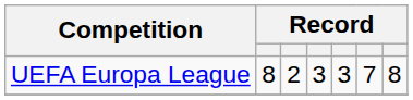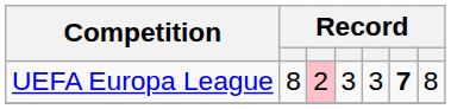 <table class="wikitable" style="text-align: center">
 <tr>
 <th rowspan="2">Competition</th>
 <th colspan="8">Record</th>
 </tr>
 <tr>
 <th></th>
 <th></th>
 <th></th>
 <th></th>
 <th></th>
 <th></th>
 </tr>
 <tr>
 <td align=left><a href='#'>UEFA Europa League</a></td>
 <td>8</td>
-<td>2</td>
+<td style="background: pink;">2</td>
 <td>3</td>
 <td>3</td>
-<td>7</td>
+<td><strong>7</strong></td>
 <td>8</td>
 </tr>
 <tr>
 </tr>
 </table>
